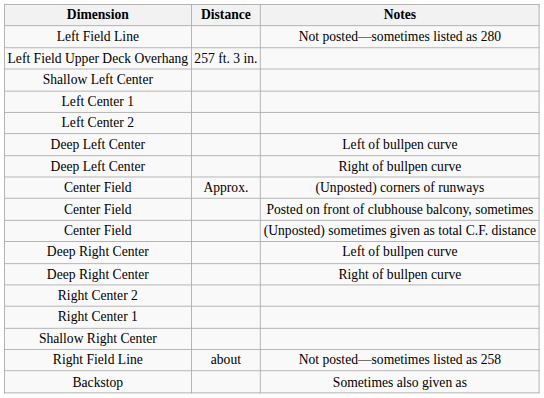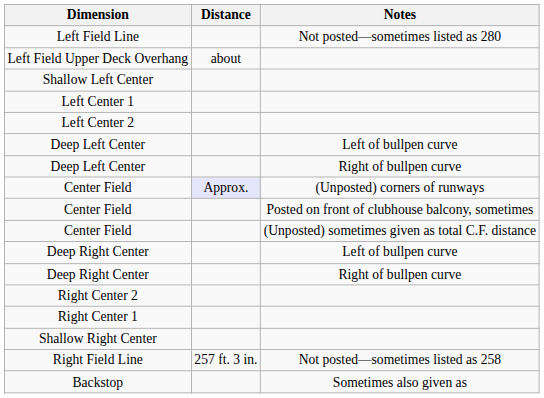 <table class="wikitable" style="text-align:center">
 <tr>
 <th>Dimension</th>
 <th>Distance</th>
 <th>Notes</th>
 </tr>
 <tr>
 <td>Left Field Line</td>
 <td></td>
 <td>Not posted—sometimes listed as 280</td>
 </tr>
 <tr>
 <td>Left Field Upper Deck Overhang</td>
-<td>257 ft. 3 in.</td>
+<td>about </td>
 <td></td>
 </tr>
 <tr>
 <td>Shallow Left Center</td>
 <td></td>
 <td></td>
 </tr>
 <tr>
 <td>Left Center 1</td>
 <td></td>
 <td></td>
 </tr>
 <tr>
 <td>Left Center 2</td>
 <td></td>
 <td></td>
 </tr>
 <tr>
 <td>Deep Left Center</td>
 <td></td>
 <td>Left of bullpen curve</td>
 </tr>
 <tr>
 <td>Deep Left Center</td>
 <td></td>
 <td>Right of bullpen curve</td>
 </tr>
 <tr>
 <td>Center Field</td>
-<td>Approx. </td>
+<td style="background: lavender;">Approx. </td>
 <td>(Unposted) corners of runways</td>
 </tr>
 <tr>
 <td>Center Field</td>
 <td></td>
 <td>Posted on front of clubhouse balcony, sometimes </td>
 </tr>
 <tr>
 <td>Center Field</td>
 <td></td>
 <td>(Unposted) sometimes given as total C.F. distance</td>
 </tr>
 <tr>
 <td>Deep Right Center</td>
 <td></td>
 <td>Left of bullpen curve</td>
 </tr>
 <tr>
 <td>Deep Right Center</td>
 <td></td>
 <td>Right of bullpen curve</td>
 </tr>
 <tr>
 <td>Right Center 2</td>
 <td></td>
 <td></td>
 </tr>
 <tr>
 <td>Right Center 1</td>
 <td></td>
 <td></td>
 </tr>
 <tr>
 <td>Shallow Right Center</td>
 <td></td>
 <td></td>
 </tr>
 <tr>
 <td>Right Field Line</td>
-<td>about </td>
+<td>257 ft. 3 in.</td>
 <td>Not posted—sometimes listed as 258</td>
 </tr>
 <tr>
 <td>Backstop</td>
 <td></td>
 <td>Sometimes also given as </td>
 </tr>
 </table>
